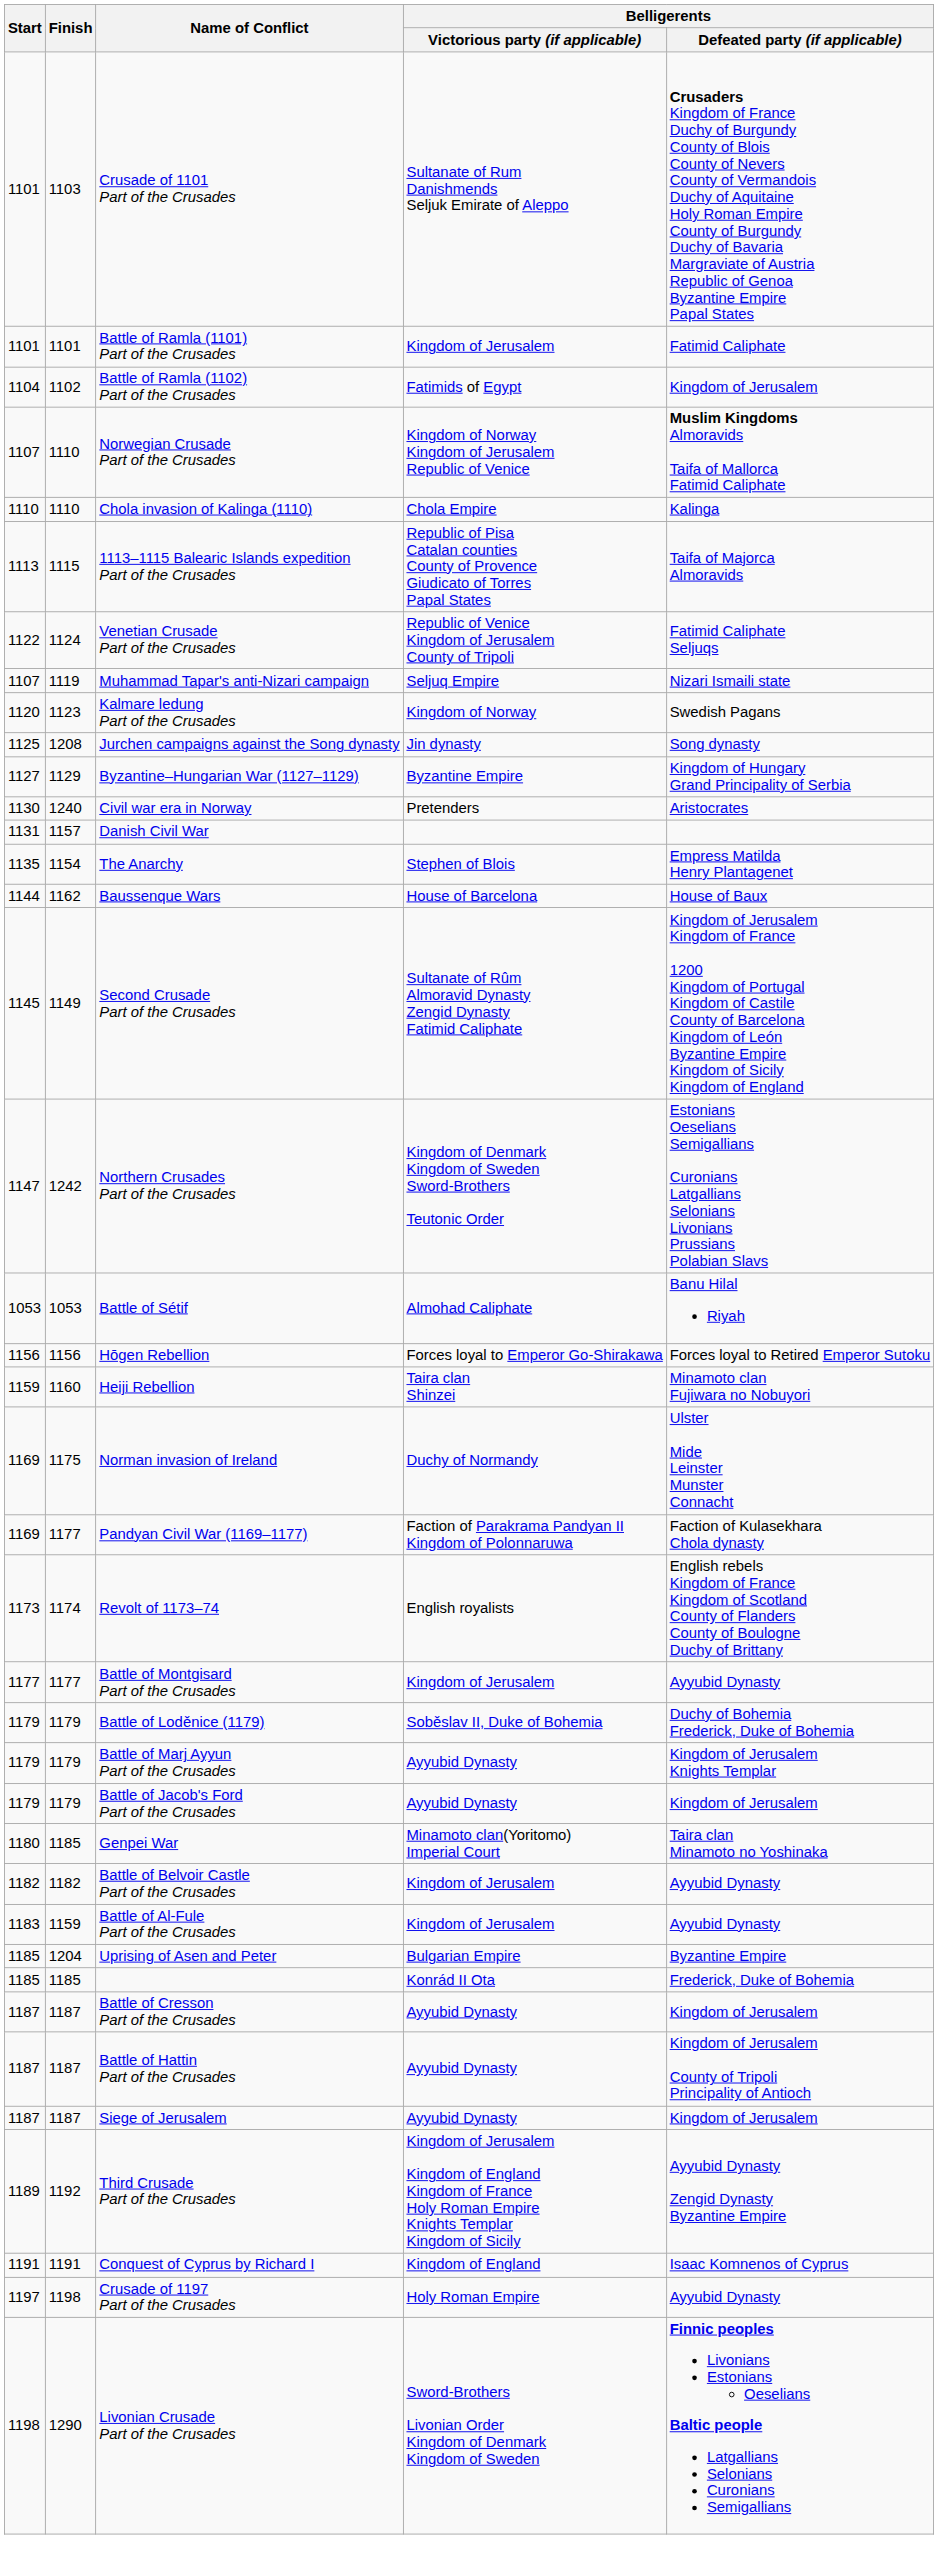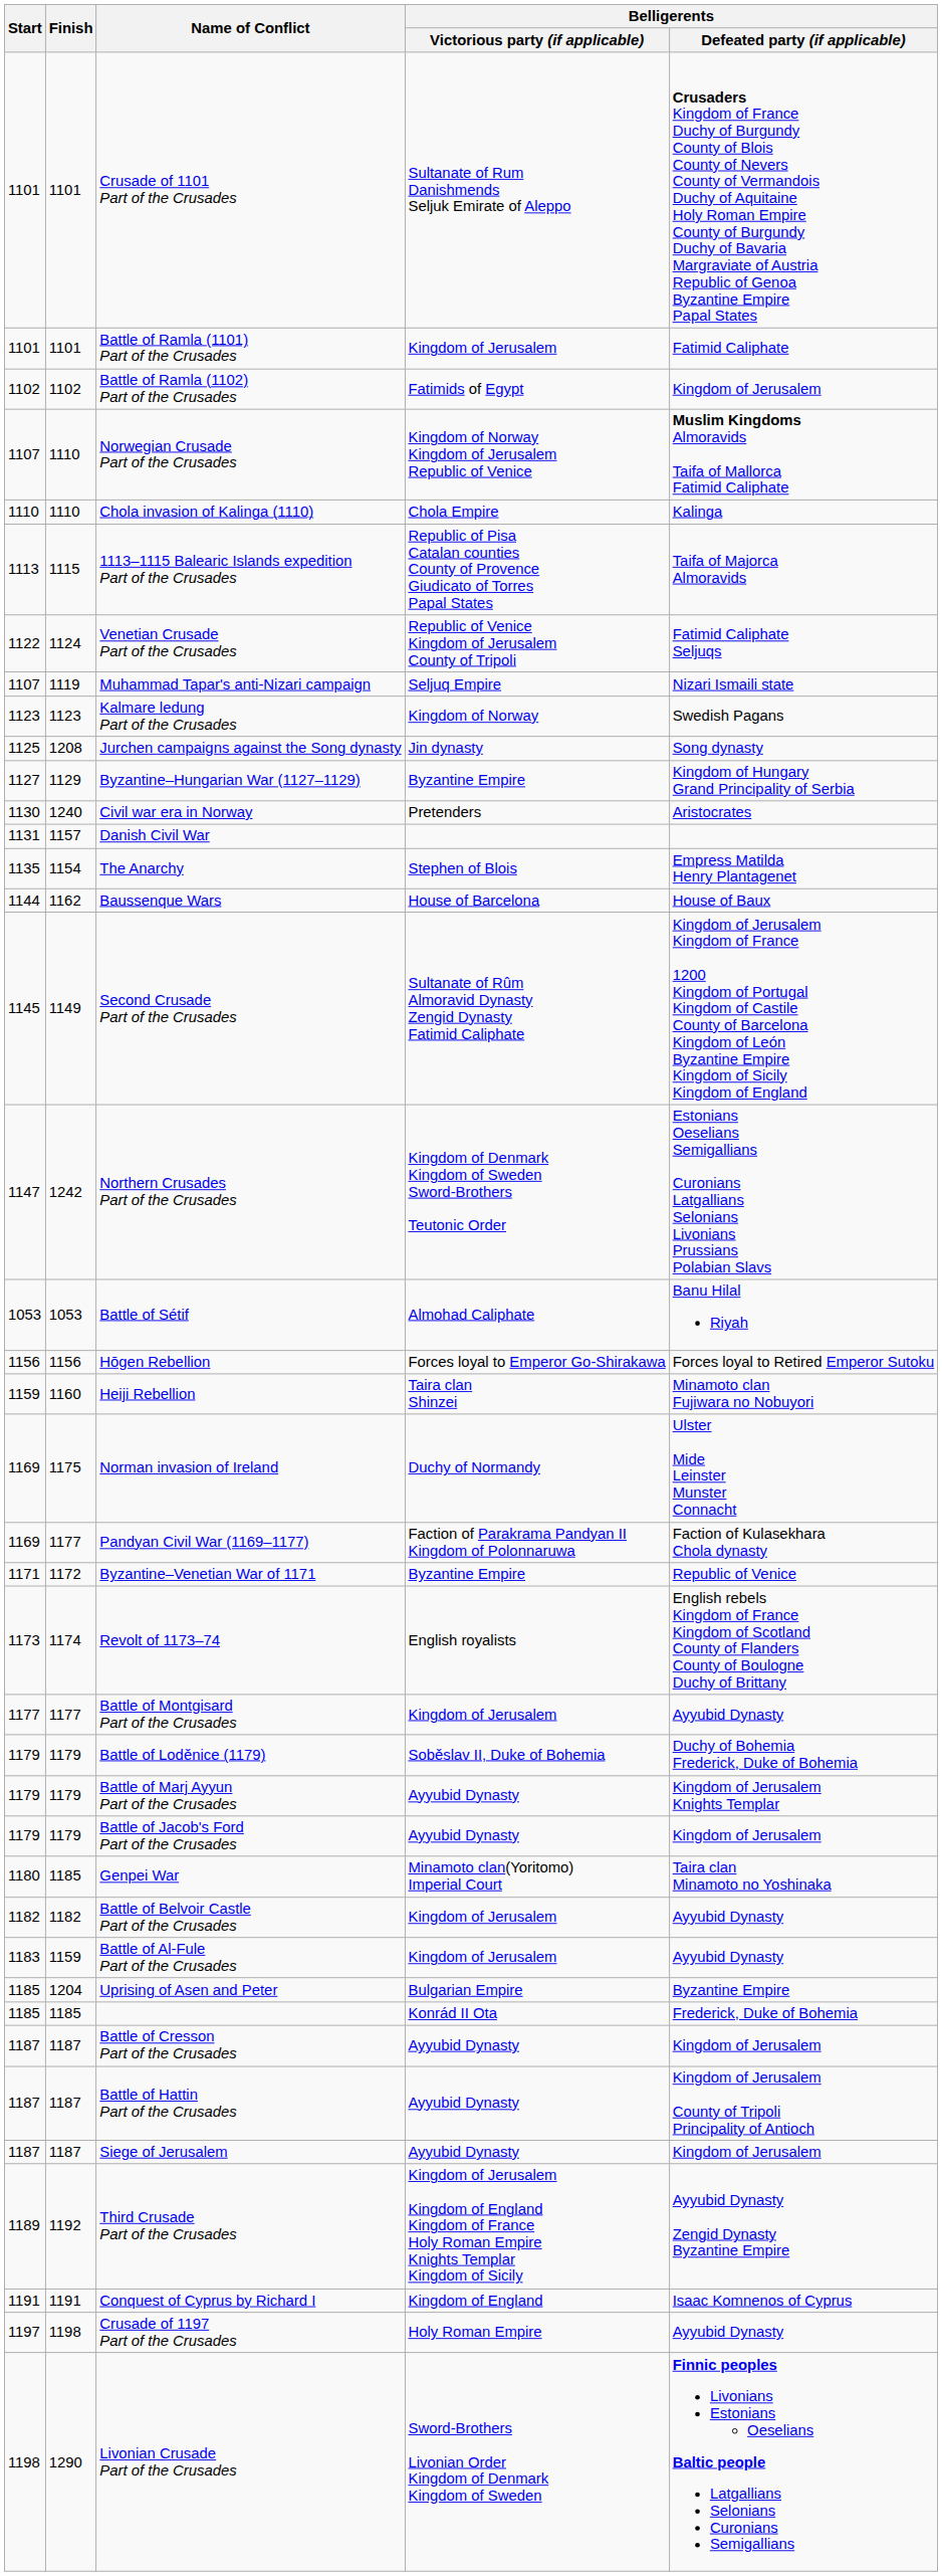 <table class="wikitable">
 <tr>
 <th rowspan="2">Start</th>
 <th rowspan="2">Finish</th>
 <th rowspan="2">Name of Conflict</th>
 <th colspan="2">Belligerents</th>
 </tr>
 <tr>
 <th>Victorious party <em>(if applicable)</em></th>
 <th>Defeated party <em>(if applicable)</em></th>
 </tr>
 <tr>
 <td>1101</td>
-<td>1103</td>
+<td>1101</td>
 <td><a href='#'>Crusade of 1101</a><br><em>Part of the Crusades</em></td>
 <td><a href='#'>Sultanate of Rum</a><br><a href='#'>Danishmends</a><br>Seljuk Emirate of <a href='#'>Aleppo</a></td>
 <td><br><br><strong>Crusaders</strong><br> <a href='#'>Kingdom of France</a><br><a href='#'>Duchy of Burgundy</a><br><a href='#'>County of Blois</a><br><a href='#'>County of Nevers</a><br><a href='#'>County of Vermandois</a><br><a href='#'>Duchy of Aquitaine</a><br><a href='#'>Holy Roman Empire</a><br><a href='#'>County of Burgundy</a><br><a href='#'>Duchy of Bavaria</a><br><a href='#'>Margraviate of Austria</a><br><a href='#'>Republic of Genoa</a><br><a href='#'>Byzantine Empire</a><br><a href='#'>Papal States</a><br></td>
 </tr>
 <tr>
 <td>1101</td>
 <td>1101</td>
 <td><a href='#'>Battle of Ramla (1101)</a><br><em>Part of the Crusades</em></td>
 <td><a href='#'>Kingdom of Jerusalem</a></td>
 <td><a href='#'>Fatimid Caliphate</a></td>
 </tr>
 <tr>
-<td>1104</td>
+<td>1102</td>
 <td>1102</td>
 <td><a href='#'>Battle of Ramla (1102)</a><br><em>Part of the Crusades</em></td>
 <td><a href='#'>Fatimids</a> of <a href='#'>Egypt</a></td>
 <td><a href='#'>Kingdom of Jerusalem</a></td>
 </tr>
 <tr>
 <td>1107</td>
 <td>1110</td>
 <td><a href='#'>Norwegian Crusade</a><br><em>Part of the Crusades</em></td>
 <td><a href='#'>Kingdom of Norway</a><br><a href='#'>Kingdom of Jerusalem</a><br><a href='#'>Republic of Venice</a></td>
 <td><strong>Muslim Kingdoms</strong><br><a href='#'>Almoravids</a><br><br><a href='#'>Taifa of Mallorca</a><br><a href='#'>Fatimid Caliphate</a></td>
 </tr>
 <tr>
 <td>1110</td>
 <td>1110</td>
 <td><a href='#'>Chola invasion of Kalinga (1110)</a></td>
 <td><a href='#'>Chola Empire</a></td>
 <td><a href='#'>Kalinga</a></td>
 </tr>
 <tr>
 <td>1113</td>
 <td>1115</td>
 <td><a href='#'>1113–1115 Balearic Islands expedition</a><br><em>Part of the Crusades</em></td>
 <td><a href='#'>Republic of Pisa</a><br><a href='#'>Catalan counties</a><br><a href='#'>County of Provence</a><br><a href='#'>Giudicato of Torres</a><br><a href='#'>Papal States</a></td>
 <td><a href='#'>Taifa of Majorca</a><br><a href='#'>Almoravids</a></td>
 </tr>
 <tr 1121 Battle of Didgori>
 <td>1122</td>
 <td>1124</td>
 <td><a href='#'>Venetian Crusade</a><br><em>Part of the Crusades</em></td>
 <td><a href='#'>Republic of Venice</a><br><a href='#'>Kingdom of Jerusalem</a><br><a href='#'>County of Tripoli</a></td>
 <td><a href='#'>Fatimid Caliphate</a><br><a href='#'>Seljuqs</a></td>
 </tr>
 <tr>
 <td>1107</td>
 <td>1119</td>
 <td><a href='#'>Muhammad Tapar's anti-Nizari campaign</a></td>
 <td><a href='#'>Seljuq Empire</a></td>
 <td><a href='#'>Nizari Ismaili state</a></td>
 </tr>
 <tr>
-<td>1120</td>
+<td>1123</td>
 <td>1123</td>
 <td><a href='#'>Kalmare ledung</a><br><em>Part of the Crusades</em></td>
 <td><a href='#'>Kingdom of Norway</a></td>
 <td>Swedish Pagans</td>
 </tr>
 <tr>
 <td>1125</td>
 <td>1208</td>
 <td><a href='#'>Jurchen campaigns against the Song dynasty</a></td>
 <td><a href='#'>Jin dynasty</a></td>
 <td><a href='#'>Song dynasty</a></td>
 </tr>
 <tr>
 <td>1127</td>
 <td>1129</td>
 <td><a href='#'>Byzantine–Hungarian War (1127–1129)</a></td>
 <td><a href='#'>Byzantine Empire</a></td>
 <td><a href='#'>Kingdom of Hungary</a><br><a href='#'>Grand Principality of Serbia</a></td>
 </tr>
 <tr>
 <td>1130</td>
 <td>1240</td>
 <td><a href='#'>Civil war era in Norway</a></td>
 <td>Pretenders</td>
 <td><a href='#'>Aristocrates</a></td>
 </tr>
 <tr>
 <td>1131</td>
 <td>1157</td>
 <td><a href='#'>Danish Civil War</a></td>
 <td></td>
 <td></td>
 </tr>
 <tr>
 <td>1135</td>
 <td>1154</td>
 <td><a href='#'>The Anarchy</a></td>
 <td><a href='#'>Stephen of Blois</a></td>
 <td><a href='#'>Empress Matilda</a> <br><a href='#'>Henry Plantagenet</a></td>
 </tr>
 <tr>
 <td>1144</td>
 <td>1162</td>
 <td><a href='#'>Baussenque Wars</a></td>
 <td><a href='#'>House of Barcelona</a></td>
 <td><a href='#'>House of Baux</a></td>
 </tr>
 <tr>
 <td>1145</td>
 <td>1149</td>
 <td><a href='#'>Second Crusade</a><br><em>Part of the Crusades</em></td>
 <td><a href='#'>Sultanate of Rûm</a><br><a href='#'>Almoravid Dynasty</a><br><a href='#'>Zengid Dynasty</a><br><a href='#'>Fatimid Caliphate</a></td>
 <td><a href='#'>Kingdom of Jerusalem</a><br><a href='#'>Kingdom of France</a><br><br><a href='#'>1200</a><br><a href='#'>Kingdom of Portugal</a><br><a href='#'>Kingdom of Castile</a><br> <a href='#'>County of Barcelona</a><br> <a href='#'>Kingdom of León</a><br> <a href='#'>Byzantine Empire</a><br> <a href='#'>Kingdom of Sicily</a><br> <a href='#'>Kingdom of England</a></td>
 </tr>
 <tr>
 <td>1147</td>
 <td>1242</td>
 <td><a href='#'>Northern Crusades</a><br><em>Part of the Crusades</em></td>
 <td><a href='#'>Kingdom of Denmark</a>  <br><a href='#'>Kingdom of Sweden</a><br><a href='#'>Sword-Brothers</a> <br><br><a href='#'>Teutonic Order</a></td>
 <td><a href='#'>Estonians</a> <br> <a href='#'>Oeselians</a> <br> <a href='#'>Semigallians</a> <br><br><a href='#'>Curonians</a> <br> <a href='#'>Latgallians</a> <br> <a href='#'>Selonians</a> <br> <a href='#'>Livonians</a> <br> <a href='#'>Prussians</a> <br> <a href='#'>Polabian Slavs</a></td>
 </tr>
 <tr>
 <td>1053</td>
 <td>1053</td>
 <td><a href='#'>Battle of Sétif</a></td>
 <td><a href='#'>Almohad Caliphate</a></td>
 <td><a href='#'>Banu Hilal</a><br><ul><li><a href='#'>Riyah</a></li></ul></td>
 </tr>
 <tr>
 <td>1156</td>
 <td>1156</td>
 <td><a href='#'>Hōgen Rebellion</a></td>
 <td>Forces loyal to <a href='#'>Emperor Go-Shirakawa</a></td>
 <td>Forces loyal to Retired <a href='#'>Emperor Sutoku</a></td>
 </tr>
 <tr>
 <td>1159</td>
 <td>1160</td>
 <td><a href='#'>Heiji Rebellion</a></td>
 <td><a href='#'>Taira clan</a><br><a href='#'>Shinzei</a></td>
 <td><a href='#'>Minamoto clan</a><br><a href='#'>Fujiwara no Nobuyori</a></td>
 </tr>
 <tr>
 <td>1169</td>
 <td>1175</td>
 <td><a href='#'>Norman invasion of Ireland</a></td>
 <td><a href='#'>Duchy of Normandy</a></td>
 <td><a href='#'>Ulster</a><br><br><a href='#'>Mide</a><br> <a href='#'>Leinster</a><br> <a href='#'>Munster</a><br> <a href='#'>Connacht</a></td>
 </tr>
 <tr>
 <td>1169</td>
 <td>1177</td>
 <td><a href='#'>Pandyan Civil War (1169–1177)</a></td>
 <td>Faction of <a href='#'>Parakrama Pandyan II</a> <br> <a href='#'>Kingdom of Polonnaruwa</a></td>
 <td>Faction of  Kulasekhara <br> <a href='#'>Chola dynasty</a></td>
+</tr>
+<tr>
+<td>1171</td>
+<td>1172</td>
+<td><a href='#'>Byzantine–Venetian War of 1171</a></td>
+<td><a href='#'>Byzantine Empire</a></td>
+<td><a href='#'>Republic of Venice</a></td>
 </tr>
 <tr>
 <td>1173</td>
 <td>1174</td>
 <td><a href='#'>Revolt of 1173–74</a></td>
 <td>English royalists</td>
 <td>English rebels<br><a href='#'>Kingdom of France</a><br><a href='#'>Kingdom of Scotland</a><br><a href='#'>County of Flanders</a><br><a href='#'>County of Boulogne</a><br><a href='#'>Duchy of Brittany</a></td>
 </tr>
 <tr>
 <td>1177</td>
 <td>1177</td>
 <td><a href='#'>Battle of Montgisard</a><br><em>Part of the Crusades</em></td>
 <td><a href='#'>Kingdom of Jerusalem</a></td>
 <td><a href='#'>Ayyubid Dynasty</a></td>
 </tr>
 <tr>
 <td>1179</td>
 <td>1179</td>
 <td><a href='#'>Battle of Loděnice (1179)</a></td>
 <td><a href='#'>Soběslav II, Duke of Bohemia</a></td>
 <td><a href='#'>Duchy of Bohemia</a><br><a href='#'>Frederick, Duke of Bohemia</a></td>
 </tr>
 <tr>
 <td>1179</td>
 <td>1179</td>
 <td><a href='#'>Battle of Marj Ayyun</a><br><em>Part of the Crusades</em></td>
 <td><a href='#'>Ayyubid Dynasty</a></td>
 <td><a href='#'>Kingdom of Jerusalem</a><br><a href='#'>Knights Templar</a></td>
 </tr>
 <tr>
 <td>1179</td>
 <td>1179</td>
 <td><a href='#'>Battle of Jacob's Ford</a><br><em>Part of the Crusades</em></td>
 <td><a href='#'>Ayyubid Dynasty</a></td>
 <td><a href='#'>Kingdom of Jerusalem</a></td>
 </tr>
 <tr>
 <td>1180</td>
 <td>1185</td>
 <td><a href='#'>Genpei War</a></td>
 <td><a href='#'>Minamoto clan</a>(Yoritomo)<br><a href='#'>Imperial Court</a></td>
 <td><a href='#'>Taira clan</a><br><a href='#'>Minamoto no Yoshinaka</a></td>
 </tr>
 <tr>
 <td>1182</td>
 <td>1182</td>
 <td><a href='#'>Battle of Belvoir Castle</a><br><em>Part of the Crusades</em></td>
 <td><a href='#'>Kingdom of Jerusalem</a></td>
 <td><a href='#'>Ayyubid Dynasty</a></td>
 </tr>
 <tr>
 <td>1183</td>
 <td>1159</td>
 <td><a href='#'>Battle of Al-Fule</a><br><em>Part of the Crusades</em></td>
 <td><a href='#'>Kingdom of Jerusalem</a></td>
 <td><a href='#'>Ayyubid Dynasty</a></td>
 </tr>
 <tr>
 <td>1185</td>
 <td>1204</td>
 <td><a href='#'>Uprising of Asen and Peter</a></td>
 <td><a href='#'>Bulgarian Empire</a></td>
 <td><a href='#'>Byzantine Empire</a></td>
 </tr>
 <tr>
 <td>1185</td>
 <td>1185</td>
 <td></td>
 <td><a href='#'>Konrád II Ota</a></td>
 <td><a href='#'>Frederick, Duke of Bohemia</a></td>
 </tr>
 <tr>
 <td>1187</td>
 <td>1187</td>
 <td><a href='#'>Battle of Cresson</a><br><em>Part of the Crusades</em></td>
 <td><a href='#'>Ayyubid Dynasty</a></td>
 <td><a href='#'>Kingdom of Jerusalem</a></td>
 </tr>
 <tr>
 <td>1187</td>
 <td>1187</td>
 <td><a href='#'>Battle of Hattin</a><br><em>Part of the Crusades</em></td>
 <td><a href='#'>Ayyubid Dynasty</a></td>
 <td><a href='#'>Kingdom of Jerusalem</a><br><br><a href='#'>County of Tripoli</a><br><a href='#'>Principality of Antioch</a></td>
 </tr>
 <tr>
 <td>1187</td>
 <td>1187</td>
 <td><a href='#'>Siege of Jerusalem</a></td>
 <td><a href='#'>Ayyubid Dynasty</a></td>
 <td><a href='#'>Kingdom of Jerusalem</a></td>
 </tr>
 <tr>
 <td>1189</td>
 <td>1192</td>
 <td><a href='#'>Third Crusade</a><br><em>Part of the Crusades</em></td>
 <td><a href='#'>Kingdom of Jerusalem</a><br><br><a href='#'>Kingdom of England</a><br><a href='#'>Kingdom of France</a><br><a href='#'>Holy Roman Empire</a><br><a href='#'>Knights Templar</a><br> <a href='#'>Kingdom of Sicily</a></td>
 <td><a href='#'>Ayyubid Dynasty</a><br><br><a href='#'>Zengid Dynasty</a><br><a href='#'>Byzantine Empire</a></td>
 </tr>
 <tr>
 <td>1191</td>
 <td>1191</td>
 <td><a href='#'>Conquest of Cyprus by Richard I</a></td>
 <td><a href='#'>Kingdom of England</a></td>
 <td><a href='#'>Isaac Komnenos of Cyprus</a></td>
 </tr>
 <tr>
 <td>1197</td>
 <td>1198</td>
 <td><a href='#'>Crusade of 1197</a><br><em>Part of the Crusades</em></td>
 <td><a href='#'>Holy Roman Empire</a><br></td>
 <td><a href='#'>Ayyubid Dynasty</a><br></td>
 </tr>
 <tr>
 <td>1198</td>
 <td>1290</td>
 <td><a href='#'>Livonian Crusade</a><br><em>Part of the Crusades</em></td>
 <td><a href='#'>Sword-Brothers</a><br><br><a href='#'>Livonian Order</a> <br> <a href='#'>Kingdom of Denmark</a> <br> <a href='#'>Kingdom of Sweden</a></td>
 <td><strong><a href='#'>Finnic peoples</a></strong><br><ul><li><a href='#'>Livonians</a></li><li><a href='#'>Estonians</a><ul><li><a href='#'>Oeselians</a></li></ul></li></ul><strong><a href='#'>Baltic people</a></strong><ul><li><a href='#'>Latgallians</a></li><li><a href='#'>Selonians</a></li><li><a href='#'>Curonians</a></li><li><a href='#'>Semigallians</a></li></ul></td>
 </tr>
 </table>
